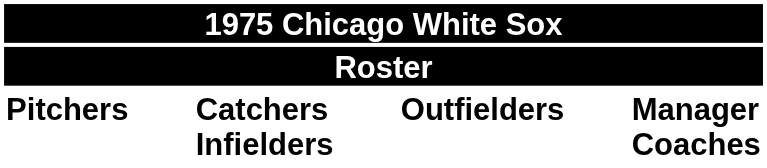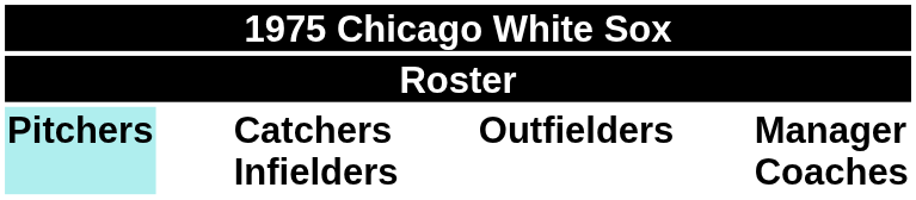 <table class="toccolours" style="font-size: 95%;">
 <tr>
 <th colspan="10" style="background-color: black; color: white; text-align: center;">1975 Chicago White Sox</th>
 </tr>
 <tr>
 <td colspan="10" style="background-color: black; color: white; text-align: center;"><strong>Roster</strong></td>
 </tr>
 <tr>
-<td valign="top"><strong>Pitchers</strong><br>                   </td>
+<td valign="top" style="background: paleturquoise;"><strong>Pitchers</strong><br>                   </td>
 <td width="25px"></td>
 <td valign="top"><strong>Catchers</strong><br>  <strong>Infielders</strong>           </td>
 <td width="25px"></td>
 <td valign="top"><strong>Outfielders</strong><br>      </td>
 <td width="25px"></td>
 <td valign="top"><strong>Manager</strong><br> <strong>Coaches</strong>     </td>
 </tr>
 </table>
